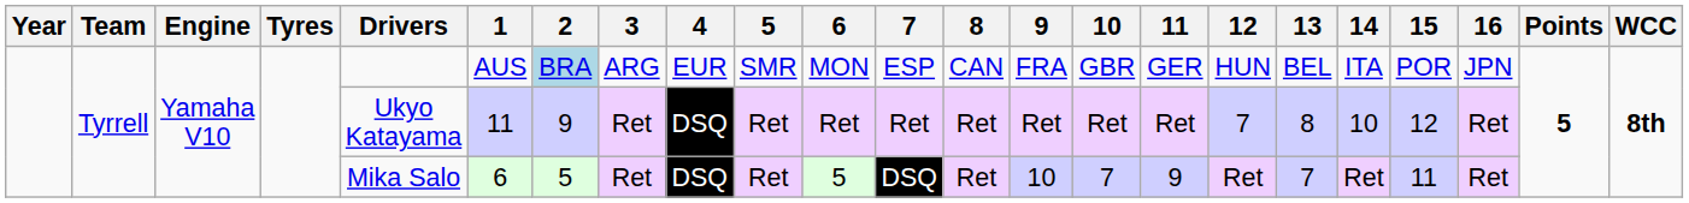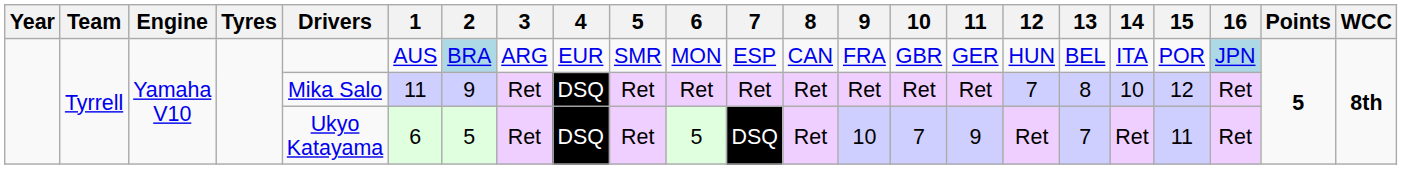 <table class="wikitable" style="text-align:center; font-size:95%">
 <tr>
 <th>Year</th>
 <th>Team</th>
 <th>Engine</th>
 <th>Tyres</th>
 <th>Drivers</th>
 <th>1</th>
 <th>2</th>
 <th>3</th>
 <th>4</th>
 <th>5</th>
 <th>6</th>
 <th>7</th>
 <th>8</th>
 <th>9</th>
 <th>10</th>
 <th>11</th>
 <th>12</th>
 <th>13</th>
 <th>14</th>
 <th>15</th>
 <th>16</th>
 <th>Points</th>
 <th>WCC</th>
 </tr>
 <tr>
 <td rowspan="3"></td>
 <td rowspan="3"><a href='#'>Tyrrell</a></td>
 <td rowspan="3"><a href='#'>Yamaha</a> <a href='#'>V10</a></td>
 <td rowspan="3"></td>
 <td></td>
 <td><a href='#'>AUS</a></td>
 <td style="background: lightblue;"><a href='#'>BRA</a></td>
 <td><a href='#'>ARG</a></td>
 <td><a href='#'>EUR</a></td>
 <td><a href='#'>SMR</a></td>
 <td><a href='#'>MON</a></td>
 <td><a href='#'>ESP</a></td>
 <td><a href='#'>CAN</a></td>
 <td><a href='#'>FRA</a></td>
 <td><a href='#'>GBR</a></td>
 <td><a href='#'>GER</a></td>
 <td><a href='#'>HUN</a></td>
 <td><a href='#'>BEL</a></td>
 <td><a href='#'>ITA</a></td>
 <td><a href='#'>POR</a></td>
-<td><a href='#'>JPN</a></td>
+<td style="background: lightblue;"><a href='#'>JPN</a></td>
 <td rowspan="3"><strong>5</strong></td>
 <td rowspan="3"><strong>8th</strong></td>
 </tr>
 <tr>
-<td><a href='#'>Ukyo Katayama</a></td>
+<td><a href='#'>Mika Salo</a></td>
 <td style="background:#CFCFFF;">11</td>
 <td style="background:#CFCFFF;">9</td>
 <td style="background:#EFCFFF;">Ret</td>
 <td style="background:#000000; color:white">DSQ</td>
 <td style="background:#EFCFFF;">Ret</td>
 <td style="background:#EFCFFF;">Ret</td>
 <td style="background:#EFCFFF;">Ret</td>
 <td style="background:#EFCFFF;">Ret</td>
 <td style="background:#EFCFFF;">Ret</td>
 <td style="background:#EFCFFF;">Ret</td>
 <td style="background:#EFCFFF;">Ret</td>
 <td style="background:#CFCFFF;">7</td>
 <td style="background:#CFCFFF;">8</td>
 <td style="background:#CFCFFF;">10</td>
 <td style="background:#CFCFFF;">12</td>
 <td style="background:#EFCFFF;">Ret</td>
 </tr>
 <tr>
-<td><a href='#'>Mika Salo</a></td>
+<td><a href='#'>Ukyo Katayama</a></td>
 <td style="background:#DFFFDF;">6</td>
 <td style="background:#DFFFDF;">5</td>
 <td style="background:#EFCFFF;">Ret</td>
 <td style="background:#000000; color:white">DSQ</td>
 <td style="background:#EFCFFF;">Ret</td>
 <td style="background:#DFFFDF;">5</td>
 <td style="background:#000000; color:white">DSQ</td>
 <td style="background:#EFCFFF;">Ret</td>
 <td style="background:#CFCFFF;">10</td>
 <td style="background:#CFCFFF;">7</td>
 <td style="background:#CFCFFF;">9</td>
 <td style="background:#EFCFFF;">Ret</td>
 <td style="background:#CFCFFF;">7</td>
 <td style="background:#EFCFFF;">Ret</td>
 <td style="background:#CFCFFF;">11</td>
 <td style="background:#EFCFFF;">Ret</td>
 </tr>
 </table>
